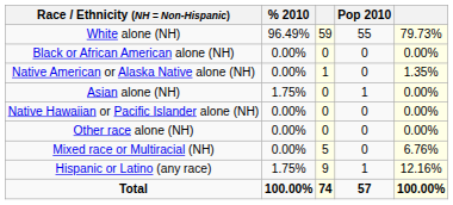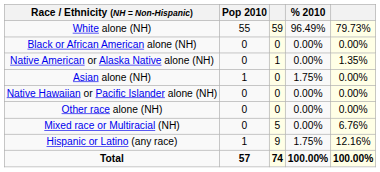 <table class="wikitable" style="text-align:center;">
 <tr>
 <th>Race / Ethnicity <small>(<em>NH = Non-Hispanic</em>)</small></th>
+<th>Pop 2010</th>
+<th></th>
 <th>% 2010</th>
-<th></th>
-<th>Pop 2010</th>
 <th></th>
 </tr>
 <tr>
 <td><a href='#'>White</a> alone (NH)</td>
+<td>55</td>
+<td style='background: #ffffe6;'>59</td>
 <td>96.49%</td>
-<td style='background: #ffffe6;'>59</td>
-<td>55</td>
 <td style='background: #ffffe6;'>79.73%</td>
 </tr>
 <tr>
 <td><a href='#'>Black or African American</a> alone (NH)</td>
+<td>0</td>
+<td style='background: #ffffe6;'>0</td>
 <td>0.00%</td>
-<td style='background: #ffffe6;'>0</td>
-<td>0</td>
 <td style='background: #ffffe6;'>0.00%</td>
 </tr>
 <tr>
 <td><a href='#'>Native American</a> or <a href='#'>Alaska Native</a> alone (NH)</td>
+<td>0</td>
+<td style='background: #ffffe6;'>1</td>
 <td>0.00%</td>
-<td style='background: #ffffe6;'>1</td>
-<td>0</td>
 <td style='background: #ffffe6;'>1.35%</td>
 </tr>
 <tr>
 <td><a href='#'>Asian</a> alone (NH)</td>
+<td>1</td>
+<td style='background: #ffffe6;'>0</td>
 <td>1.75%</td>
-<td style='background: #ffffe6;'>0</td>
-<td>1</td>
 <td style='background: #ffffe6;'>0.00%</td>
 </tr>
 <tr>
 <td><a href='#'>Native Hawaiian</a> or <a href='#'>Pacific Islander</a> alone (NH)</td>
+<td>0</td>
+<td style='background: #ffffe6;'>0</td>
 <td>0.00%</td>
-<td style='background: #ffffe6;'>0</td>
-<td>0</td>
 <td style='background: #ffffe6;'>0.00%</td>
 </tr>
 <tr>
 <td><a href='#'>Other race</a> alone (NH)</td>
+<td>0</td>
+<td style='background: #ffffe6;'>0</td>
 <td>0.00%</td>
-<td style='background: #ffffe6;'>0</td>
-<td>0</td>
 <td style='background: #ffffe6;'>0.00%</td>
 </tr>
 <tr>
 <td><a href='#'>Mixed race or Multiracial</a> (NH)</td>
+<td>0</td>
+<td style='background: #ffffe6;'>5</td>
 <td>0.00%</td>
-<td style='background: #ffffe6;'>5</td>
-<td>0</td>
 <td style='background: #ffffe6;'>6.76%</td>
 </tr>
 <tr>
 <td><a href='#'>Hispanic or Latino</a> (any race)</td>
+<td>1</td>
+<td style='background: #ffffe6;'>9</td>
 <td>1.75%</td>
-<td style='background: #ffffe6;'>9</td>
-<td>1</td>
 <td style='background: #ffffe6;'>12.16%</td>
 </tr>
 <tr>
 <td><strong>Total</strong></td>
+<td><strong>57</strong></td>
+<td style='background: #ffffe6;'><strong>74</strong></td>
 <td><strong>100.00%</strong></td>
-<td style='background: #ffffe6;'><strong>74</strong></td>
-<td><strong>57</strong></td>
 <td style='background: #ffffe6;'><strong>100.00%</strong></td>
 </tr>
 </table>
